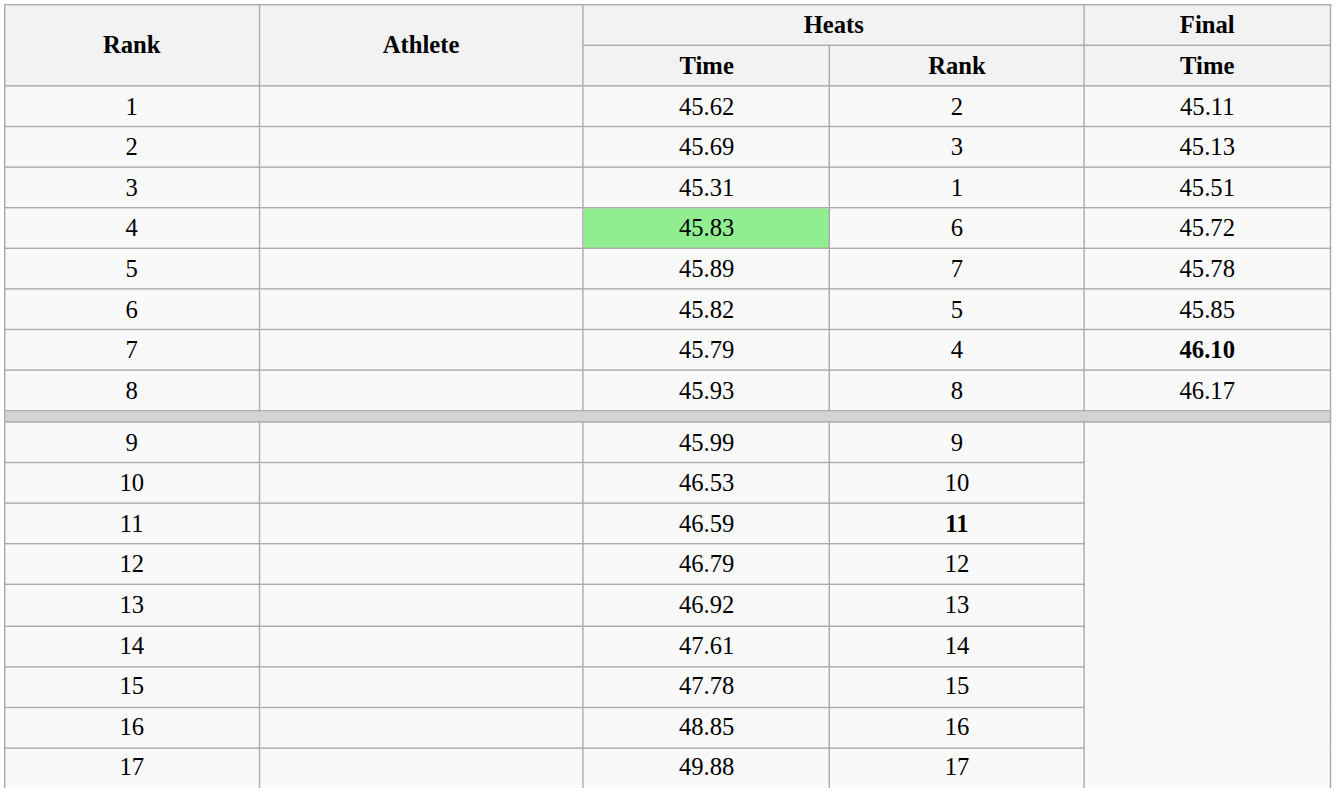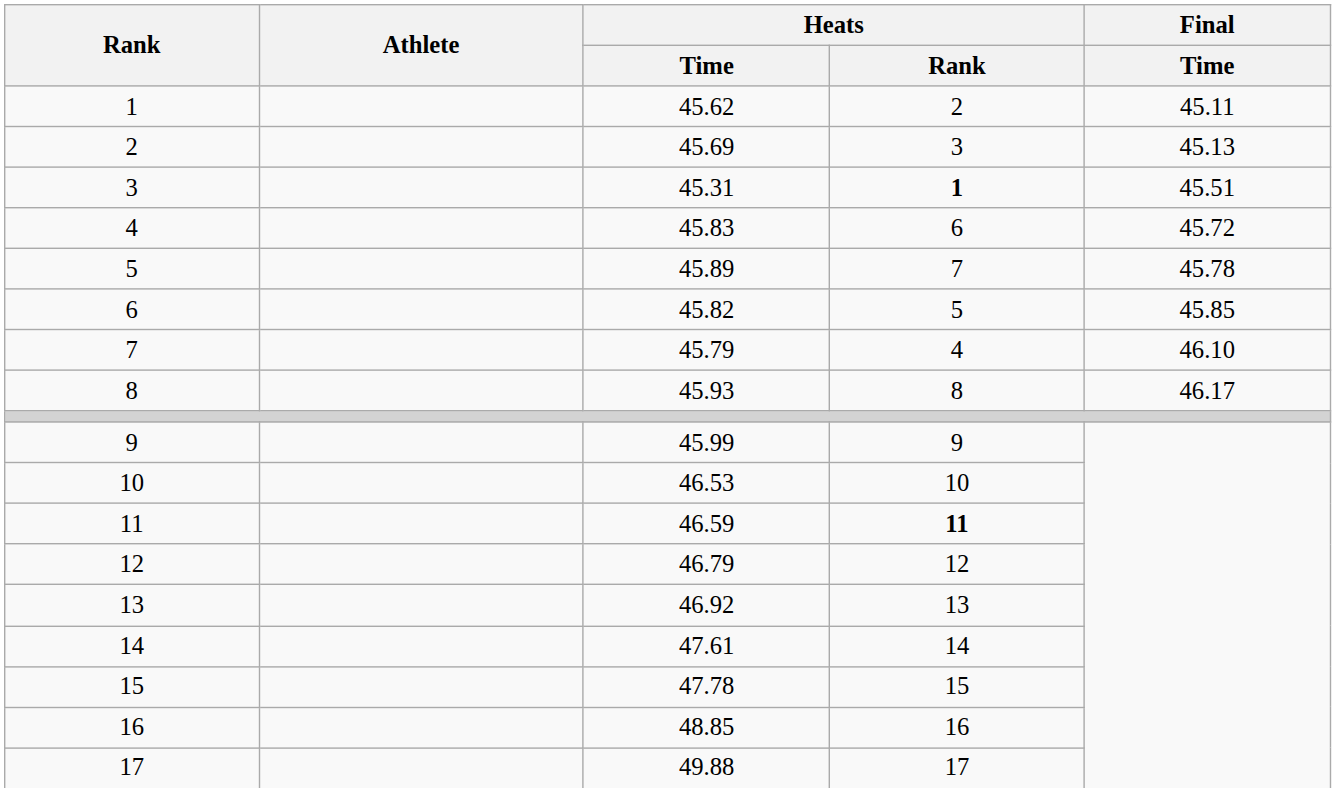 <table class="wikitable" style=" text-align:center; font-size:110%;" width="75%">
 <tr>
 <th rowspan="2">Rank</th>
 <th rowspan="2">Athlete</th>
 <th colspan="2">Heats</th>
 <th>Final</th>
 </tr>
 <tr>
 <th>Time</th>
 <th>Rank</th>
 <th>Time</th>
 </tr>
 <tr>
 <td>1</td>
 <td align=left></td>
 <td>45.62</td>
 <td>2</td>
 <td>45.11</td>
 </tr>
 <tr>
 <td>2</td>
 <td align=left></td>
 <td>45.69</td>
 <td>3</td>
 <td>45.13</td>
 </tr>
 <tr>
 <td>3</td>
 <td align=left></td>
 <td>45.31</td>
-<td>1</td>
+<td><strong>1</strong></td>
 <td>45.51</td>
 </tr>
 <tr>
 <td>4</td>
 <td align=left></td>
-<td style="background: lightgreen;">45.83</td>
+<td>45.83</td>
 <td>6</td>
 <td>45.72</td>
 </tr>
 <tr>
 <td>5</td>
 <td align=left></td>
 <td>45.89</td>
 <td>7</td>
 <td>45.78</td>
 </tr>
 <tr>
 <td>6</td>
 <td align=left></td>
 <td>45.82</td>
 <td>5</td>
 <td>45.85</td>
 </tr>
 <tr>
 <td>7</td>
 <td align=left></td>
 <td>45.79</td>
 <td>4</td>
-<td><strong>46.10</strong></td>
+<td>46.10</td>
 </tr>
 <tr>
 <td>8</td>
 <td align=left></td>
 <td>45.93</td>
 <td>8</td>
 <td>46.17</td>
 </tr>
 <tr>
 <td colspan=5 bgcolor=lightgray></td>
 </tr>
 <tr>
 <td>9</td>
 <td align=left></td>
 <td>45.99</td>
 <td>9</td>
 </tr>
 <tr>
 <td>10</td>
 <td align=left></td>
 <td>46.53</td>
 <td>10</td>
 </tr>
 <tr>
 <td>11</td>
 <td align=left></td>
 <td>46.59</td>
 <td><strong>11</strong></td>
 </tr>
 <tr>
 <td>12</td>
 <td align=left></td>
 <td>46.79</td>
 <td>12</td>
 </tr>
 <tr>
 <td>13</td>
 <td align=left></td>
 <td>46.92</td>
 <td>13</td>
 </tr>
 <tr>
 <td>14</td>
 <td align=left></td>
 <td>47.61</td>
 <td>14</td>
 </tr>
 <tr>
 <td>15</td>
 <td align=left></td>
 <td>47.78</td>
 <td>15 </td>
 </tr>
 <tr>
 <td>16</td>
 <td align=left></td>
 <td>48.85</td>
 <td>16</td>
 </tr>
 <tr>
 <td>17</td>
 <td align=left></td>
 <td>49.88</td>
 <td>17</td>
 </tr>
 </table>
